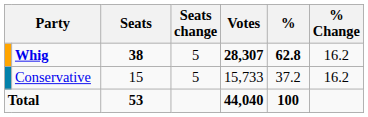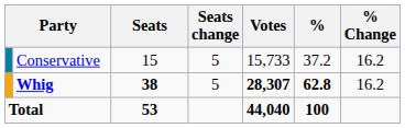 <table class="wikitable sortable">
 <tr>
 <th style="width:100px" colspan=2>Party</th>
 <th style="width:70px;">Seats</th>
 <th style="width:40px;">Seats change</th>
 <th style="width:40px;">Votes</th>
 <th style="width:40px;">%</th>
 <th style="width:40px;">% Change</th>
+</tr>
+<tr>
+<td bgcolor="#0281AA"></td>
+<td><a href='#'>Conservative</a></td>
+<td align=center>15</td>
+<td align=center> 5</td>
+<td align=center>15,733</td>
+<td align=center>37.2</td>
+<td align=center> 16.2</td>
 </tr>
 <tr>
 <td bgcolor="#FFA500"></td>
 <td><strong><a href='#'>Whig</a></strong></td>
 <td align=center><strong>38</strong></td>
 <td align=center> 5</td>
 <td align=center><strong>28,307</strong></td>
 <td align=center><strong>62.8</strong></td>
 <td align=center> 16.2</td>
 </tr>
 <tr>
-<td bgcolor="#0281AA"></td>
-<td><a href='#'>Conservative</a></td>
-<td align=center>15</td>
-<td align=center> 5</td>
-<td align=center>15,733</td>
-<td align=center>37.2</td>
-<td align=center> 16.2</td>
-</tr>
-<tr>
 <td colspan=2><strong>Total</strong></td>
 <td align=center><strong>53</strong></td>
 <td align=center></td>
 <td align=center><strong>44,040</strong></td>
 <td align=center><strong>100</strong></td>
 <td align=center></td>
 </tr>
 </table>
